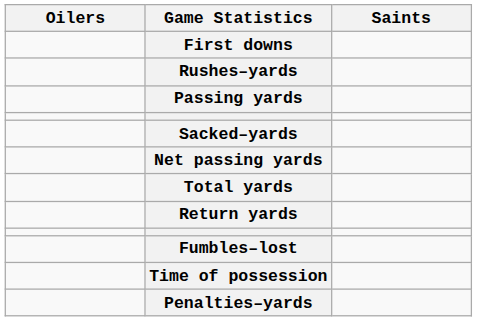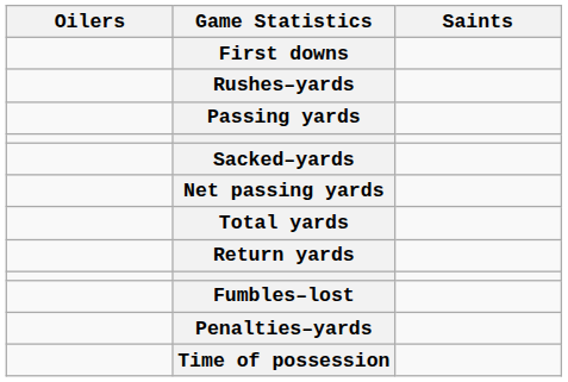 <table class="wikitable" style="margin: 1em auto 1em auto">
 <tr>
 <th style="width:30%;">Oilers</th>
 <th style="width:40%;">Game Statistics</th>
 <th style="width:30%;">Saints</th>
 </tr>
 <tr>
 <td style="text-align:right;"></td>
 <th>First downs</th>
 <td></td>
 </tr>
 <tr>
 <td style="text-align:right;"></td>
 <th>Rushes–yards</th>
 <td></td>
 </tr>
 <tr>
 <td style="text-align:right;"></td>
 <th>Passing yards</th>
 <td></td>
 </tr>
 <tr>
 <td style="text-align:right;"></td>
 <th></th>
 <td></td>
 </tr>
 <tr>
 <td style="text-align:right;"></td>
 <th>Sacked–yards</th>
 <td></td>
 </tr>
 <tr>
 <td style="text-align:right;"></td>
 <th>Net passing yards</th>
 <td></td>
 </tr>
 <tr>
 <td style="text-align:right;"></td>
 <th>Total yards</th>
 <td></td>
 </tr>
 <tr>
 <td style="text-align:right;"></td>
 <th>Return yards</th>
 <td></td>
 </tr>
 <tr>
 <td style="text-align:right;"></td>
 <th></th>
 <td></td>
 </tr>
 <tr>
 <td style="text-align:right;"></td>
 <th>Fumbles–lost</th>
 <td></td>
 </tr>
 <tr>
 <td style="text-align:right;"></td>
-<th>Time of possession</th>
+<th>Penalties–yards</th>
 <td></td>
 </tr>
 <tr>
 <td style="text-align:right;"></td>
-<th>Penalties–yards</th>
+<th>Time of possession</th>
 <td></td>
 </tr>
 </table>
